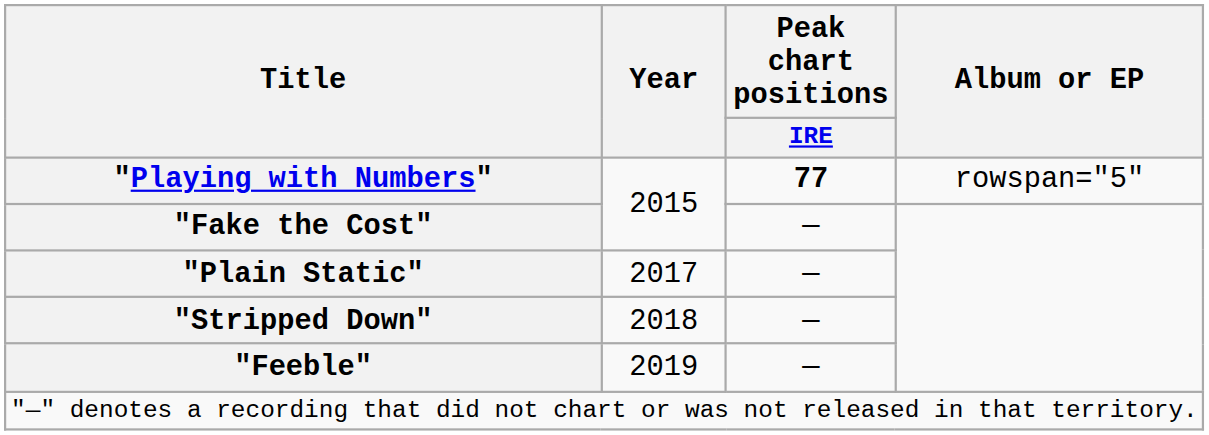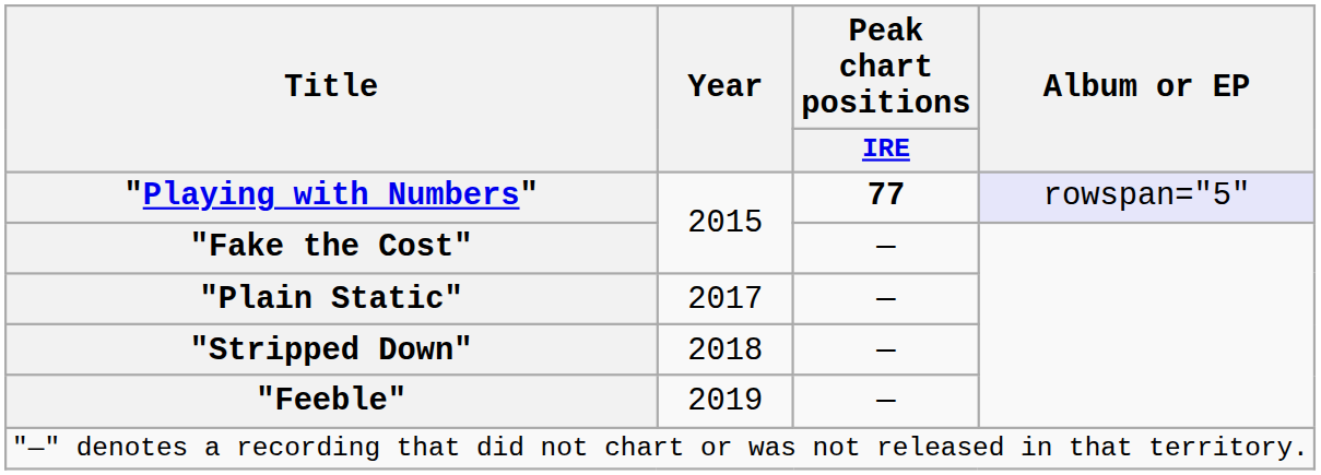 <table class="wikitable plainrowheaders" style="text-align:center;">
 <tr>
 <th scope="col" rowspan="2">Title</th>
 <th scope="col" rowspan="2">Year</th>
 <th scope="col" colspan="1">Peak chart positions</th>
 <th scope="col" rowspan="2">Album or EP</th>
 </tr>
 <tr>
 <th scope="col" style="width:3em;font-size:85%;"><a href='#'>IRE</a><br></th>
 </tr>
 <tr>
 <th scope="row">"<a href='#'>Playing with Numbers</a>"</th>
 <td rowspan="2">2015</td>
 <td><strong>77</strong></td>
-<td>rowspan="5" </td>
+<td style="background: lavender;">rowspan="5" </td>
 </tr>
 <tr>
 <th scope="row">"Fake the Cost"</th>
 <td>—</td>
 </tr>
 <tr>
 <th scope="row">"Plain Static"</th>
 <td>2017</td>
 <td>—</td>
 </tr>
 <tr>
 <th scope="row">"Stripped Down"</th>
 <td>2018</td>
 <td>—</td>
 </tr>
 <tr>
 <th scope="row">"Feeble"</th>
 <td>2019</td>
 <td>—</td>
 </tr>
 <tr>
 <td style="text-align:center; font-size:85%;" colspan="22">"—" denotes a recording that did not chart or was not released in that territory.</td>
 </tr>
 </table>
